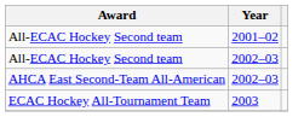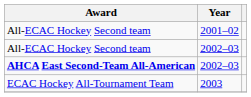 <table class="wikitable">
 <tr>
 <th>Award</th>
 <th>Year</th>
 <th></th>
 </tr>
 <tr>
 <td>All-<a href='#'>ECAC Hockey</a> <a href='#'>Second team</a></td>
 <td><a href='#'>2001–02</a></td>
 <td></td>
 </tr>
 <tr>
 <td>All-<a href='#'>ECAC Hockey</a> <a href='#'>Second team</a></td>
 <td><a href='#'>2002–03</a></td>
 <td></td>
 </tr>
 <tr>
-<td><a href='#'>AHCA</a> <a href='#'>East Second-Team All-American</a></td>
+<td><strong><a href='#'>AHCA</a> <a href='#'>East Second-Team All-American</a></strong></td>
 <td><a href='#'>2002–03</a></td>
 <td></td>
 </tr>
 <tr>
 <td><a href='#'>ECAC Hockey</a> <a href='#'>All-Tournament Team</a></td>
 <td><a href='#'>2003</a></td>
 <td></td>
 </tr>
 <tr>
 </tr>
 </table>
